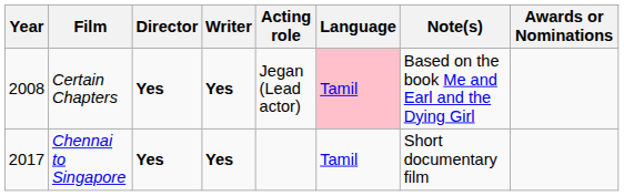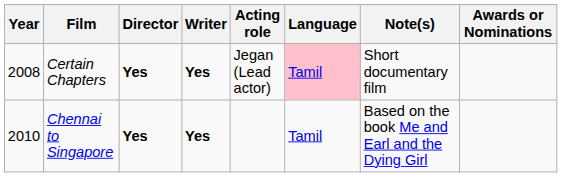 <table class="wikitable sortable plainrowheaders" style="breadth:200%;">
 <tr>
 <th scope="col">Year</th>
 <th scope="col">Film</th>
 <th scope="col">Director</th>
 <th scope="col">Writer</th>
 <th scope="col">Acting role</th>
 <th scope="col">Language</th>
 <th scope="col" class="unsortable">Note(s)</th>
 <th scope="col">Awards or Nominations</th>
 </tr>
 <tr>
 <td>2008</td>
 <td><em>Certain Chapters</em></td>
 <td><strong>Yes</strong></td>
 <td><strong>Yes</strong></td>
 <td>Jegan (Lead actor)</td>
 <td style="background: pink;"><a href='#'>Tamil</a></td>
-<td>Based on the book <a href='#'>Me and Earl and the Dying Girl</a></td>
+<td>Short documentary film</td>
 <td></td>
 </tr>
 <tr>
-<td>2017</td>
+<td>2010</td>
 <td><em><a href='#'>Chennai to Singapore</a></em></td>
 <td><strong>Yes</strong></td>
 <td><strong>Yes</strong></td>
 <td></td>
 <td><a href='#'>Tamil</a></td>
-<td>Short documentary film</td>
+<td>Based on the book <a href='#'>Me and Earl and the Dying Girl</a></td>
 <td></td>
 </tr>
 </table>
